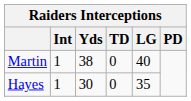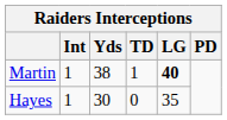 <table class="wikitable">
 <tr>
 <th colspan="6">Raiders Interceptions</th>
 </tr>
 <tr>
 <th></th>
 <th>Int</th>
 <th>Yds</th>
 <th>TD</th>
 <th>LG</th>
 <th>PD</th>
 </tr>
 <tr>
 <td><a href='#'>Martin</a></td>
 <td>1</td>
 <td>38</td>
-<td>0</td>
-<td>40</td>
+<td>1</td>
+<td><strong>40</strong></td>
 </tr>
 <tr>
 <td><a href='#'>Hayes</a></td>
 <td>1</td>
 <td>30</td>
 <td>0</td>
 <td>35</td>
 </tr>
 </table>
